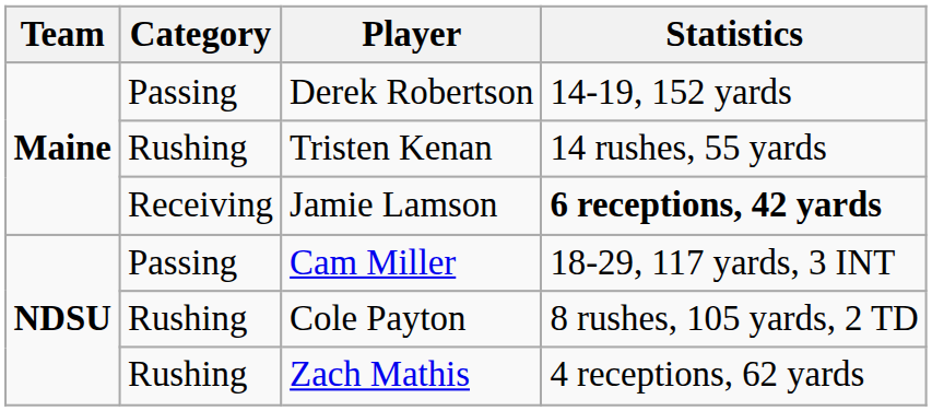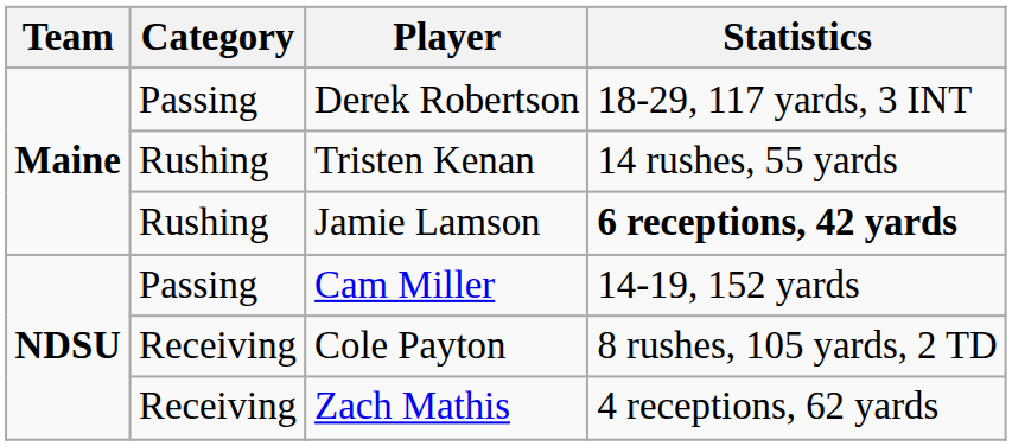 <table class="wikitable" style="float: left;">
 <tr>
 <th>Team</th>
 <th>Category</th>
 <th>Player</th>
 <th>Statistics</th>
 </tr>
 <tr>
 <td rowspan=3><strong>Maine</strong></td>
 <td>Passing</td>
 <td>Derek Robertson</td>
-<td>14-19, 152 yards</td>
+<td>18-29, 117 yards, 3 INT</td>
 </tr>
 <tr>
 <td>Rushing</td>
 <td>Tristen Kenan</td>
 <td>14 rushes, 55 yards</td>
 </tr>
 <tr>
-<td>Receiving</td>
+<td>Rushing</td>
 <td>Jamie Lamson</td>
 <td><strong>6 receptions, 42 yards</strong></td>
 </tr>
 <tr>
 <td rowspan=3><strong>NDSU</strong></td>
 <td>Passing</td>
 <td><a href='#'>Cam Miller</a></td>
-<td>18-29, 117 yards, 3 INT</td>
+<td>14-19, 152 yards</td>
 </tr>
 <tr>
-<td>Rushing</td>
+<td>Receiving</td>
 <td>Cole Payton</td>
 <td>8 rushes, 105 yards, 2 TD</td>
 </tr>
 <tr>
-<td>Rushing</td>
+<td>Receiving</td>
 <td><a href='#'>Zach Mathis</a></td>
 <td>4 receptions, 62 yards</td>
 </tr>
 </table>
